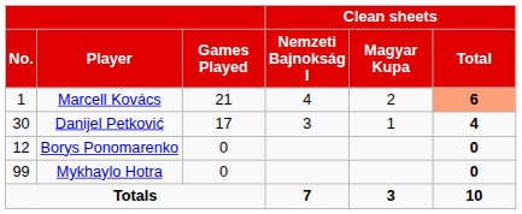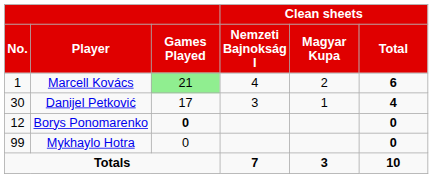 <table class="wikitable sortable alternance" style="text-align:center">
 <tr>
 <th colspan="3" style="background:#E00000"></th>
 <th colspan="4" style="background:#E00000;color:white">Clean sheets</th>
 </tr>
 <tr>
 <th style="background-color:#E00000;color:white">No.</th>
 <th style="background-color:#E00000;color:white">Player</th>
 <th width=80 style="background-color:#E00000;color:white">Games Played</th>
 <th width=80 style="background-color:#E00000;color:white">Nemzeti Bajnokság I</th>
 <th width=80 style="background-color:#E00000;color:white">Magyar Kupa</th>
 <th width=80 style="background-color:#E00000;color:white">Total</th>
 </tr>
 <tr>
 <td>1</td>
 <td> <a href='#'>Marcell Kovács</a></td>
-<td>21</td>
+<td style="background: lightgreen;">21</td>
 <td>4</td>
 <td>2</td>
-<td style="background: lightsalmon;"><strong>6</strong></td>
+<td><strong>6</strong></td>
 </tr>
 <tr>
 <td>30</td>
 <td> <a href='#'>Danijel Petković</a></td>
 <td>17</td>
 <td>3</td>
 <td>1</td>
 <td><strong>4</strong></td>
 </tr>
 <tr>
 <td>12</td>
 <td> <a href='#'>Borys Ponomarenko</a></td>
-<td>0</td>
+<td><strong>0</strong></td>
 <td></td>
 <td></td>
 <td><strong>0</strong></td>
 </tr>
 <tr>
 <td>99</td>
 <td> <a href='#'>Mykhaylo Hotra</a></td>
 <td>0</td>
 <td></td>
 <td></td>
 <td><strong>0</strong></td>
 </tr>
 <tr class="sortbottom">
 <td colspan="3"><strong>Totals</strong></td>
 <td><strong>7</strong></td>
 <td><strong>3</strong></td>
 <td><strong>10</strong></td>
 </tr>
 </table>
